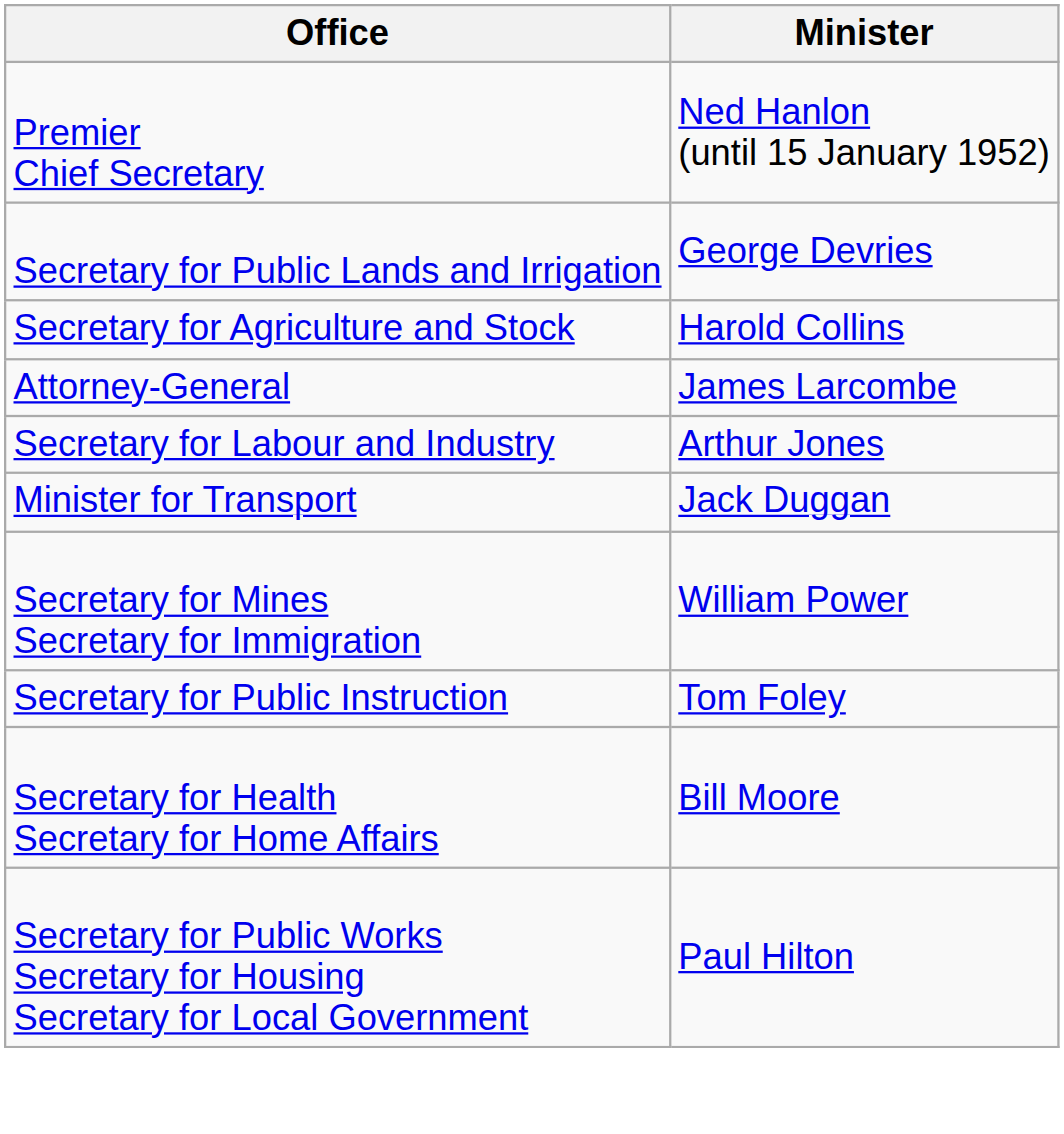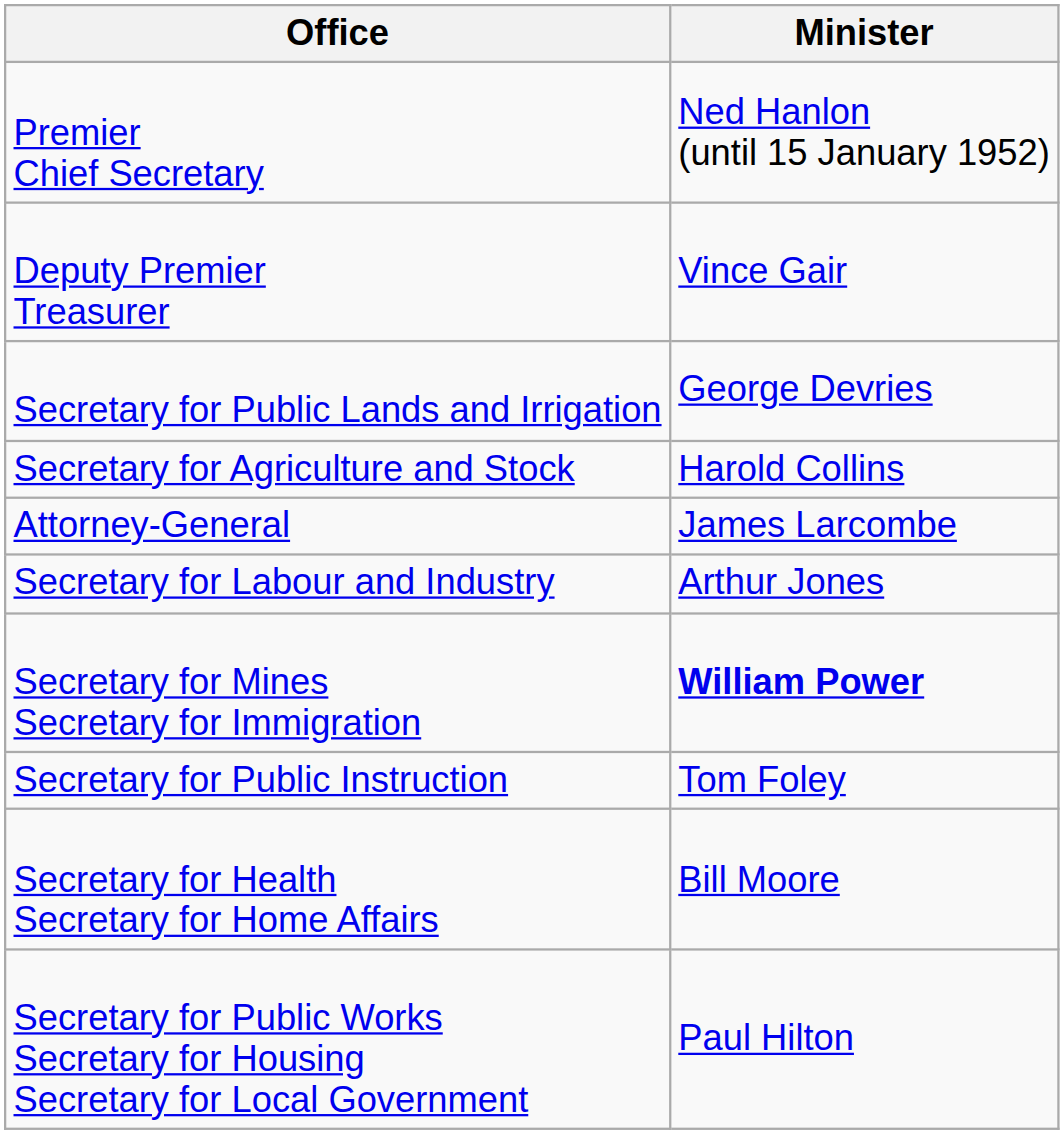 <table class="wikitable">
 <tr>
 <th>Office</th>
 <th>Minister</th>
 </tr>
 <tr>
 <td><br><a href='#'>Premier</a><br> <a href='#'>Chief Secretary</a><br></td>
 <td><a href='#'>Ned Hanlon</a><br>(until 15 January 1952)</td>
+</tr>
+<tr>
+<td><br><a href='#'>Deputy Premier</a><br> <a href='#'>Treasurer</a></td>
+<td><a href='#'>Vince Gair</a></td>
 </tr>
 <tr>
 <td><br><a href='#'>Secretary for Public Lands and Irrigation</a><br></td>
 <td><a href='#'>George Devries</a></td>
 </tr>
 <tr>
 <td><a href='#'>Secretary for Agriculture and Stock</a></td>
 <td><a href='#'>Harold Collins</a></td>
 </tr>
 <tr>
 <td><a href='#'>Attorney-General</a></td>
 <td><a href='#'>James Larcombe</a></td>
 </tr>
 <tr>
 <td><a href='#'>Secretary for Labour and Industry</a></td>
 <td><a href='#'>Arthur Jones</a></td>
 </tr>
 <tr>
-<td><a href='#'>Minister for Transport</a></td>
-<td><a href='#'>Jack Duggan</a></td>
-</tr>
-<tr>
 <td><br><a href='#'>Secretary for Mines</a><br> <a href='#'>Secretary for Immigration</a></td>
-<td><a href='#'>William Power</a></td>
+<td><strong><a href='#'>William Power</a></strong></td>
 </tr>
 <tr>
 <td><a href='#'>Secretary for Public Instruction</a></td>
 <td><a href='#'>Tom Foley</a></td>
 </tr>
 <tr>
 <td><br><a href='#'>Secretary for Health</a><br> <a href='#'>Secretary for Home Affairs</a></td>
 <td><a href='#'>Bill Moore</a></td>
 </tr>
 <tr>
 <td><br><a href='#'>Secretary for Public Works</a><br> <a href='#'>Secretary for Housing</a><br> <a href='#'>Secretary for Local Government</a></td>
 <td><a href='#'>Paul Hilton</a></td>
 </tr>
 </table>
